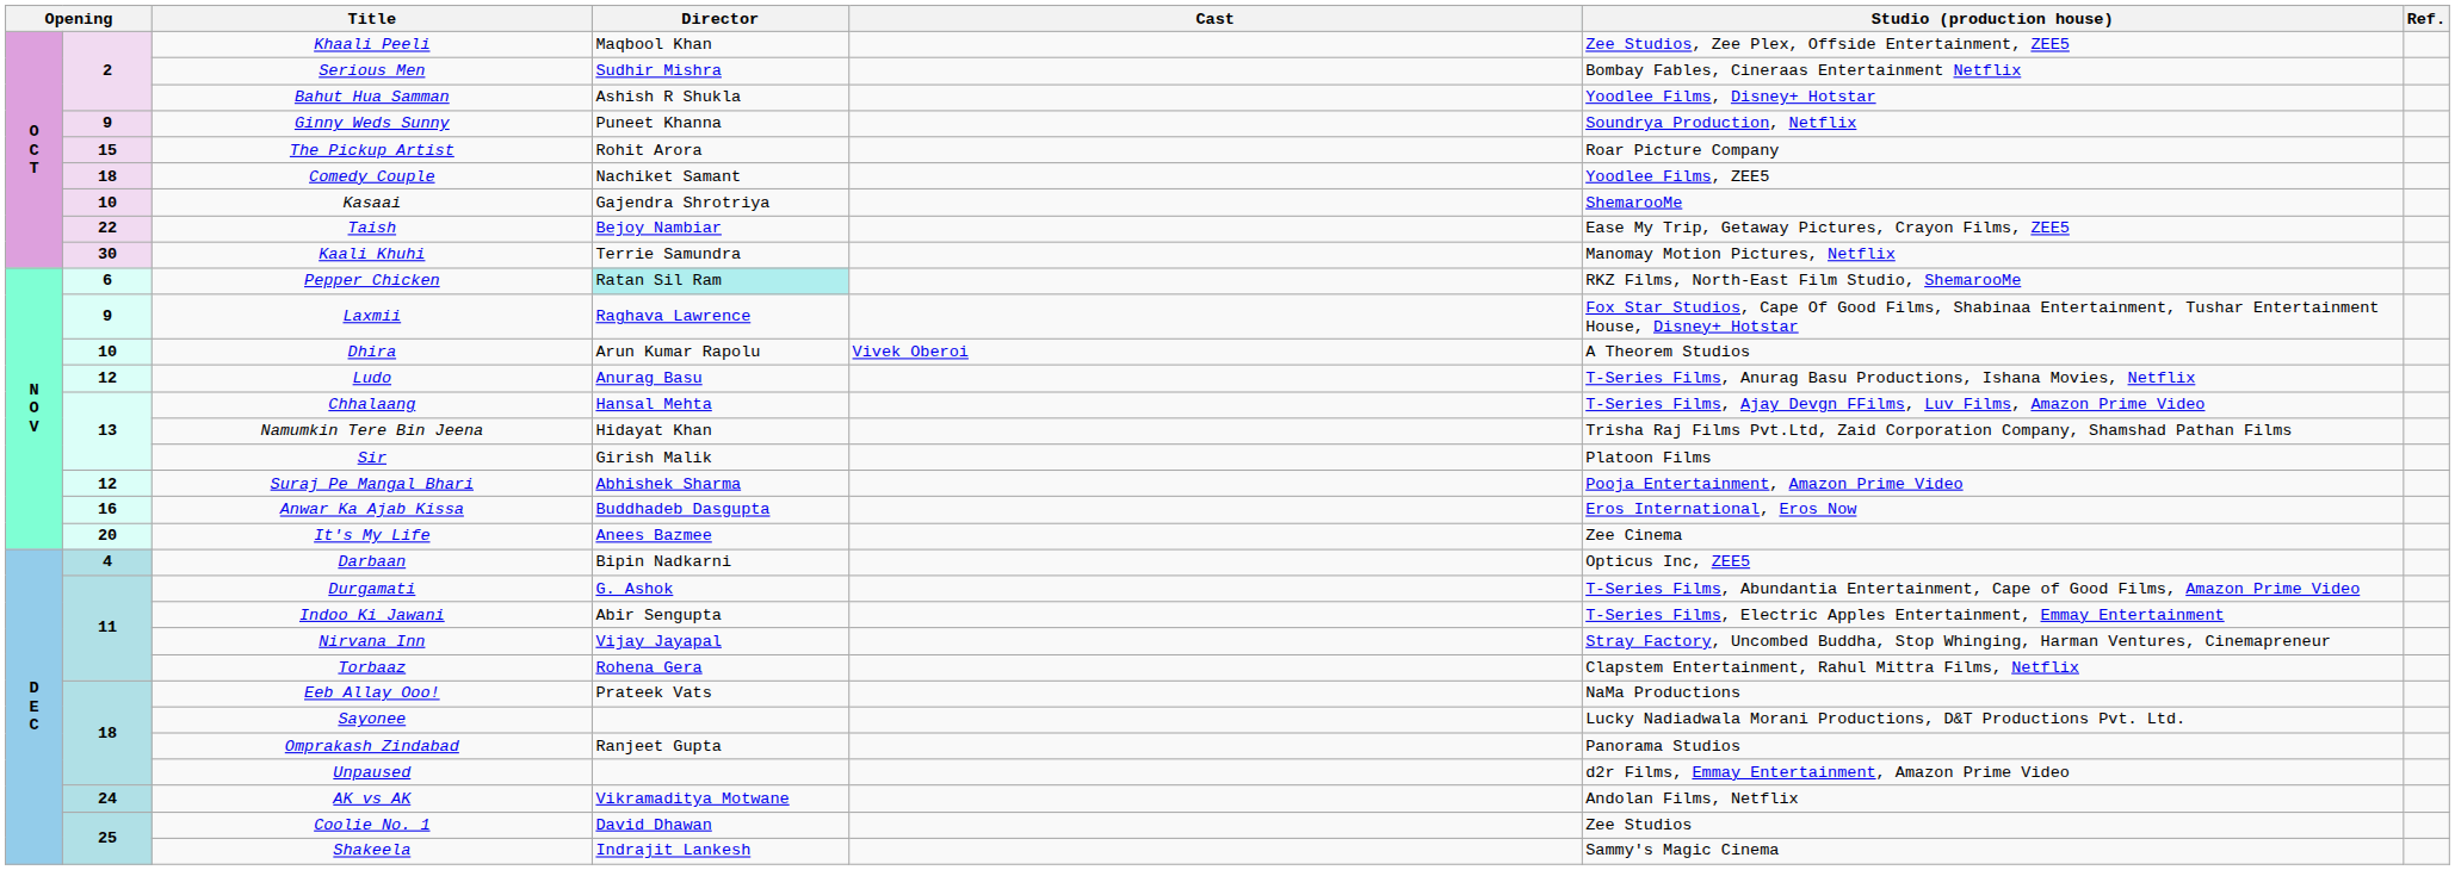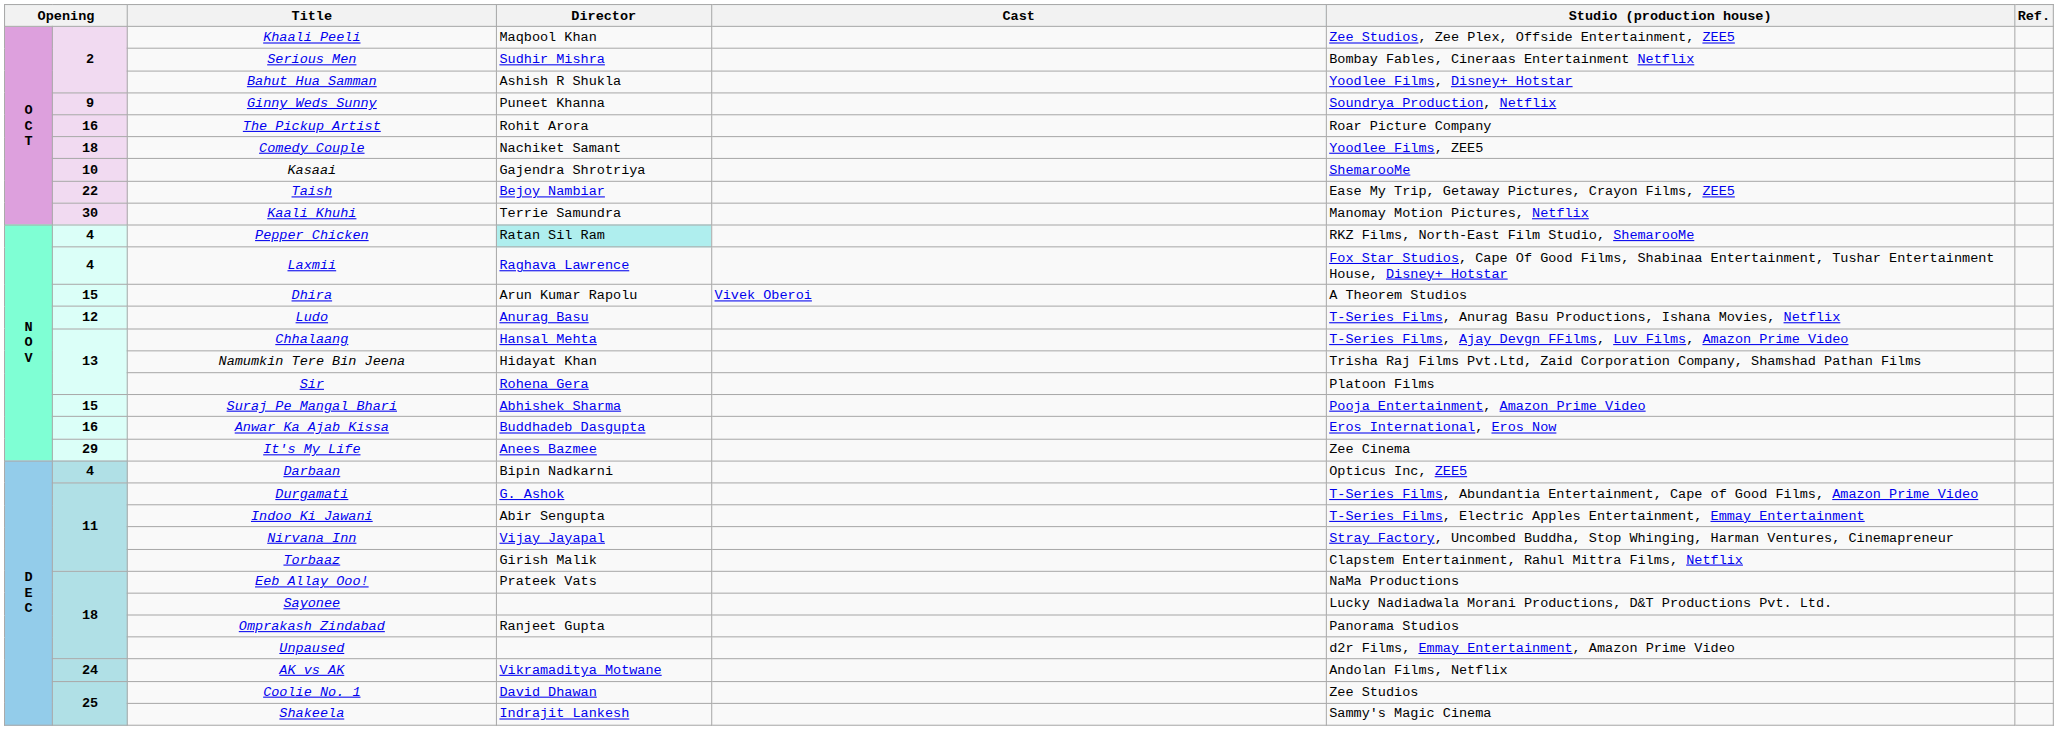 <table class="wikitable">
 <tr style="background:#b0e0e6; text-align:center;">
 <th colspan="2" style="width:6%;"><strong>Opening</strong></th>
 <th style="width:18%;"><strong>Title</strong></th>
 <th style="width:10.5%;"><strong>Director</strong></th>
 <th style="width:30%;"><strong>Cast</strong></th>
 <th>Studio (production house)</th>
 <th>Ref.</th>
 </tr>
 <tr>
 <td rowspan="9" style="text-align:center; background:plum; textcolor:#000;"><strong>O<br>C<br>T</strong></td>
 <td rowspan="3" style="text-align:center;background:#f1daf1;"><strong>2</strong></td>
 <td style="text-align:center;"><em><a href='#'>Khaali Peeli</a></em></td>
 <td>Maqbool Khan</td>
 <td></td>
 <td><a href='#'>Zee Studios</a>, Zee Plex, Offside Entertainment, <a href='#'>ZEE5</a></td>
 <td></td>
 </tr>
 <tr>
 <td style="text-align:center;"><em><a href='#'>Serious Men</a></em></td>
 <td><a href='#'>Sudhir Mishra</a></td>
 <td></td>
 <td>Bombay Fables, Cineraas Entertainment <a href='#'>Netflix</a></td>
 <td></td>
 </tr>
 <tr>
 <td style="text-align:center;"><em><a href='#'>Bahut Hua Samman</a></em></td>
 <td>Ashish R Shukla</td>
 <td></td>
 <td><a href='#'>Yoodlee Films</a>, <a href='#'>Disney+ Hotstar</a></td>
 <td></td>
 </tr>
 <tr>
 <td style="text-align:center;background:#f1daf1;"><strong>9</strong></td>
 <td style="text-align:center;"><em><a href='#'>Ginny Weds Sunny</a></em></td>
 <td>Puneet Khanna</td>
 <td></td>
 <td><a href='#'>Soundrya Production</a>, <a href='#'>Netflix</a></td>
 <td></td>
 </tr>
 <tr>
-<td style="text-align:center;background:#f1daf1;"><strong>15</strong></td>
+<td style="text-align:center;background:#f1daf1;"><strong>16</strong></td>
 <td style="text-align:center;"><em><a href='#'>The Pickup Artist</a></em></td>
 <td>Rohit Arora</td>
 <td></td>
 <td>Roar Picture Company</td>
 <td></td>
 </tr>
 <tr>
 <td style="text-align:center;background:#f1daf1;"><strong>18</strong></td>
 <td style="text-align:center;"><em><a href='#'>Comedy Couple</a></em></td>
 <td>Nachiket Samant</td>
 <td></td>
 <td><a href='#'>Yoodlee Films</a>, ZEE5</td>
 <td></td>
 </tr>
 <tr>
 <td style="text-align:center;background:#f1daf1;"><strong>10</strong></td>
 <td style="text-align:center;"><em>Kasaai</em></td>
 <td>Gajendra Shrotriya</td>
 <td></td>
 <td><a href='#'>ShemarooMe</a></td>
 <td></td>
 </tr>
 <tr>
 <td style="text-align:center;background:#f1daf1;"><strong>22</strong></td>
 <td style="text-align:center;"><em><a href='#'>Taish</a></em></td>
 <td><a href='#'>Bejoy Nambiar</a></td>
 <td></td>
 <td>Ease My Trip, Getaway Pictures, Crayon Films, <a href='#'>ZEE5</a></td>
 <td></td>
 </tr>
 <tr>
 <td style="text-align:center;background:#f1daf1;"><strong>30</strong></td>
 <td style="text-align:center;"><em><a href='#'>Kaali Khuhi</a></em></td>
 <td>Terrie Samundra</td>
 <td></td>
 <td>Manomay Motion Pictures, <a href='#'>Netflix</a></td>
 <td></td>
 </tr>
 <tr>
 <td rowspan="10" style="text-align:center; background:#7FFFD4; textcolor:#000;"><strong>N<br>O<br>V</strong></td>
-<td style="text-align:center;background:#dbfff8;"><strong>6</strong></td>
+<td style="text-align:center;background:#dbfff8;"><strong>4</strong></td>
 <td style="text-align:center;"><em><a href='#'>Pepper Chicken</a></em></td>
 <td style="background: paleturquoise;">Ratan Sil Ram</td>
 <td></td>
 <td>RKZ Films, North-East Film Studio, <a href='#'>ShemarooMe</a></td>
 <td></td>
 </tr>
 <tr>
-<td style="text-align:center;background:#dbfff8;"><strong>9</strong></td>
+<td style="text-align:center;background:#dbfff8;"><strong>4</strong></td>
 <td style="text-align:center;"><em><a href='#'>Laxmii</a></em></td>
 <td><a href='#'>Raghava Lawrence</a></td>
 <td></td>
 <td><a href='#'>Fox Star Studios</a>, Cape Of Good Films, Shabinaa Entertainment, Tushar Entertainment House, <a href='#'>Disney+ Hotstar</a></td>
 <td></td>
 </tr>
 <tr>
-<td style="text-align:center;background:#dbfff8;"><strong>10</strong></td>
+<td style="text-align:center;background:#dbfff8;"><strong>15</strong></td>
 <td style="text-align:center;"><em><a href='#'>Dhira</a></em></td>
 <td>Arun Kumar Rapolu</td>
 <td><a href='#'>Vivek Oberoi</a></td>
 <td>A Theorem Studios</td>
 <td></td>
 </tr>
 <tr>
 <td style="text-align:center;background:#dbfff8;"><strong>12</strong></td>
 <td style="text-align:center;"><em><a href='#'>Ludo</a></em></td>
 <td><a href='#'>Anurag Basu</a></td>
 <td></td>
 <td><a href='#'>T-Series Films</a>, Anurag Basu Productions, Ishana Movies, <a href='#'>Netflix</a></td>
 <td></td>
 </tr>
 <tr>
 <td rowspan="3" style="text-align:center;background:#dbfff8;"><strong>13</strong></td>
 <td style="text-align:center;"><em><a href='#'>Chhalaang</a></em></td>
 <td><a href='#'>Hansal Mehta</a></td>
 <td></td>
 <td><a href='#'>T-Series Films</a>, <a href='#'>Ajay Devgn FFilms</a>, <a href='#'>Luv Films</a>, <a href='#'>Amazon Prime Video</a></td>
 <td></td>
 </tr>
 <tr>
 <td style="text-align:center;"><em>Namumkin Tere Bin Jeena</em></td>
 <td>Hidayat Khan</td>
 <td></td>
 <td>Trisha Raj Films Pvt.Ltd, Zaid Corporation Company, Shamshad Pathan Films</td>
 <td></td>
 </tr>
 <tr>
 <td style="text-align:center;"><em><a href='#'>Sir</a></em></td>
-<td>Girish Malik</td>
+<td><a href='#'>Rohena Gera</a></td>
 <td></td>
 <td>Platoon Films</td>
 <td></td>
 </tr>
 <tr>
-<td style="text-align:center; background:#dbfff8;"><strong>12</strong></td>
+<td style="text-align:center; background:#dbfff8;"><strong>15</strong></td>
 <td style="text-align:center;"><em><a href='#'>Suraj Pe Mangal Bhari</a></em></td>
 <td><a href='#'>Abhishek Sharma</a></td>
 <td></td>
 <td><a href='#'>Pooja Entertainment</a>, <a href='#'>Amazon Prime Video</a></td>
 <td></td>
 </tr>
 <tr>
 <td style="text-align:center; background:#dbfff8;"><strong>16</strong></td>
 <td style="text-align:center;"><em><a href='#'>Anwar Ka Ajab Kissa</a></em></td>
 <td><a href='#'>Buddhadeb Dasgupta</a></td>
 <td></td>
 <td><a href='#'>Eros International</a>, <a href='#'>Eros Now</a></td>
 <td></td>
 </tr>
 <tr>
-<td style="text-align:center; background:#dbfff8;"><strong>20</strong></td>
+<td style="text-align:center; background:#dbfff8;"><strong>29</strong></td>
 <td style="text-align:center;"><em><a href='#'> It's My Life</a></em></td>
 <td><a href='#'>Anees Bazmee</a></td>
 <td></td>
 <td>Zee Cinema</td>
 <td></td>
 </tr>
 <tr>
 <td rowspan="12" style="text-align:center; background:#93CCEA; textcolor:#000;"><strong>D<br>E<br>C</strong></td>
 <td style="text-align:center;background:#B0E0E6;"><strong>4</strong></td>
 <td style="text-align:center;"><em><a href='#'>Darbaan</a></em></td>
 <td>Bipin Nadkarni</td>
 <td></td>
 <td>Opticus Inc, <a href='#'>ZEE5</a></td>
 <td></td>
 </tr>
 <tr>
 <td rowspan="4" style="text-align:center;background:#B0E0E6;"><strong>11</strong></td>
 <td style="text-align:center;"><em><a href='#'>Durgamati</a></em></td>
 <td><a href='#'>G. Ashok</a></td>
 <td></td>
 <td><a href='#'>T-Series Films</a>, Abundantia Entertainment, Cape of Good Films, <a href='#'>Amazon Prime Video</a></td>
 <td></td>
 </tr>
 <tr>
 <td style="text-align:center;"><em><a href='#'>Indoo Ki Jawani</a></em></td>
 <td>Abir Sengupta</td>
 <td></td>
 <td><a href='#'>T-Series Films</a>, Electric Apples Entertainment, <a href='#'>Emmay Entertainment</a></td>
 <td></td>
 </tr>
 <tr>
 <td style="text-align:center;"><em><a href='#'>Nirvana Inn</a></em></td>
 <td><a href='#'>Vijay Jayapal</a></td>
 <td></td>
 <td><a href='#'>Stray Factory</a>, Uncombed Buddha, Stop Whinging, Harman Ventures, Cinemapreneur</td>
 <td></td>
 </tr>
 <tr>
 <td style="text-align:center;"><em><a href='#'>Torbaaz</a></em></td>
-<td><a href='#'>Rohena Gera</a></td>
+<td>Girish Malik</td>
 <td></td>
 <td>Clapstem Entertainment, Rahul Mittra Films, <a href='#'>Netflix</a></td>
 <td></td>
 </tr>
 <tr>
 <td rowspan="4" style="text-align:center;background:#B0E0E6;"><strong>18</strong></td>
 <td style="text-align:center;"><em><a href='#'>Eeb Allay Ooo!</a></em></td>
 <td>Prateek Vats</td>
 <td></td>
 <td>NaMa Productions</td>
 <td></td>
 </tr>
 <tr>
 <td style="text-align:center;"><em><a href='#'>Sayonee</a></em></td>
 <td></td>
 <td></td>
 <td>Lucky Nadiadwala Morani Productions, D&T Productions Pvt. Ltd.</td>
 <td></td>
 </tr>
 <tr>
 <td style="text-align:center;"><em><a href='#'>Omprakash Zindabad</a></em></td>
 <td>Ranjeet Gupta</td>
 <td></td>
 <td>Panorama Studios</td>
 <td></td>
 </tr>
 <tr>
 <td style="text-align:center;"><em><a href='#'>Unpaused</a></em></td>
 <td></td>
 <td></td>
 <td>d2r Films, <a href='#'>Emmay Entertainment</a>, Amazon Prime Video</td>
 <td></td>
 </tr>
 <tr>
 <td style="text-align:center;background:#B0E0E6;"><strong>24</strong></td>
 <td style="text-align:center;"><em><a href='#'>AK vs AK</a></em></td>
 <td><a href='#'>Vikramaditya Motwane</a></td>
 <td></td>
 <td>Andolan Films, Netflix</td>
 <td></td>
 </tr>
 <tr>
 <td rowspan="2" style="text-align:center;background:#B0E0E6;"><strong>25</strong></td>
 <td style="text-align:center;"><em><a href='#'>Coolie No. 1</a></em></td>
 <td><a href='#'>David Dhawan</a></td>
 <td></td>
 <td>Zee Studios</td>
 <td></td>
 </tr>
 <tr>
 <td style="text-align:center;"><em><a href='#'>Shakeela</a></em></td>
 <td><a href='#'>Indrajit Lankesh</a></td>
 <td></td>
 <td>Sammy's Magic Cinema</td>
 <td></td>
 </tr>
 </table>
